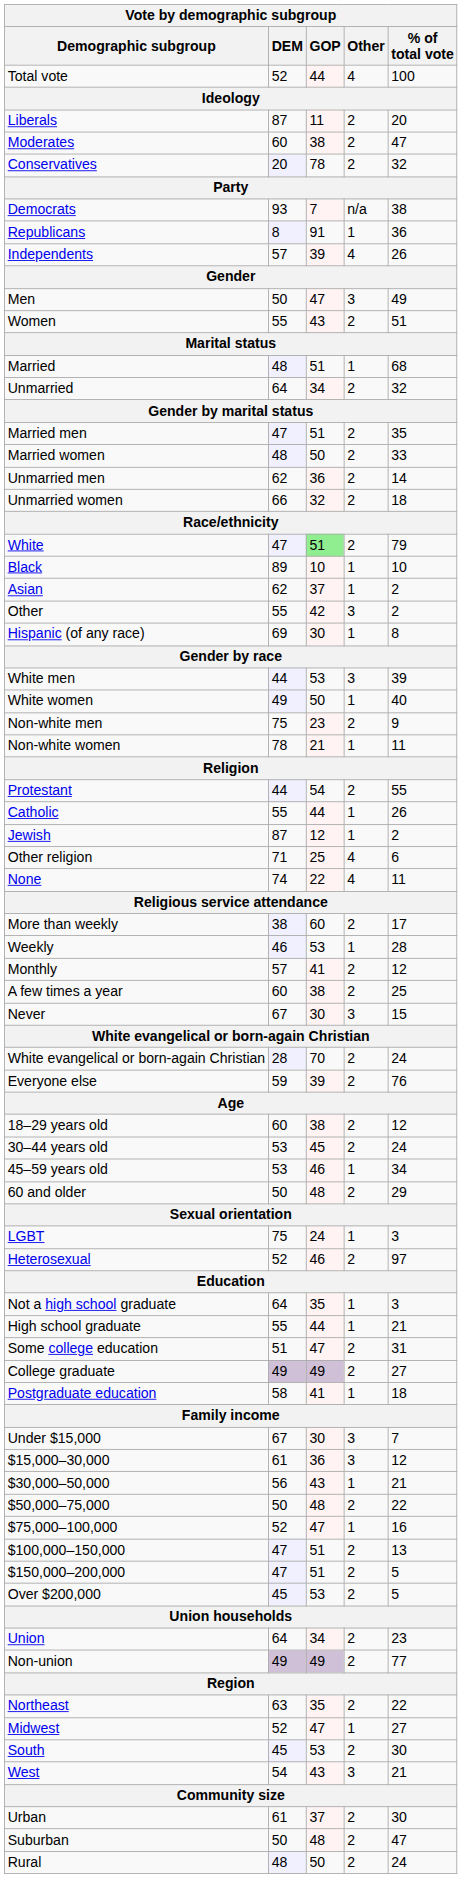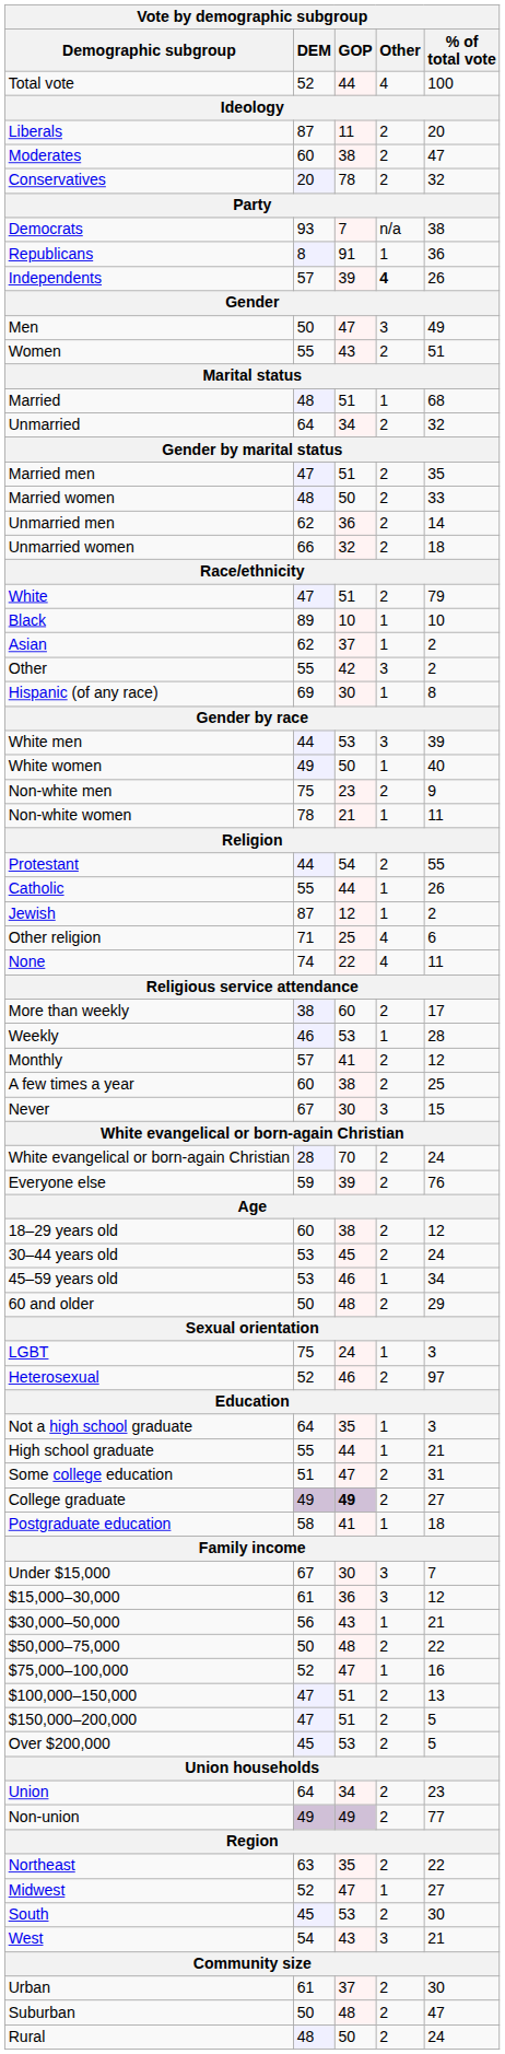 <table class="wikitable sortable">
 <tr>
 <th colspan=8>Vote by demographic subgroup</th>
 </tr>
 <tr>
 <th>Demographic subgroup</th>
 <th>DEM</th>
 <th>GOP</th>
 <th>Other</th>
 <th>% of<br>total vote</th>
 </tr>
 <tr>
 <td>Total vote</td>
 <td>52</td>
 <td style="background:#fff3f3">44</td>
 <td>4</td>
 <td>100</td>
 </tr>
 <tr>
 <th colspan=5>Ideology</th>
 </tr>
 <tr>
 <td><a href='#'>Liberals</a></td>
 <td>87</td>
 <td style="background:#fff3f3">11</td>
 <td>2</td>
 <td>20</td>
 </tr>
 <tr>
 <td><a href='#'>Moderates</a></td>
 <td>60</td>
 <td style="background:#fff3f3">38</td>
 <td>2</td>
 <td>47</td>
 </tr>
 <tr>
 <td><a href='#'>Conservatives</a></td>
 <td style="background:#f0f0ff">20</td>
 <td>78</td>
 <td>2</td>
 <td>32</td>
 </tr>
 <tr>
 <th colspan=5>Party</th>
 </tr>
 <tr>
 <td><a href='#'>Democrats</a></td>
 <td>93</td>
 <td style="background:#fff3f3">7</td>
 <td>n/a</td>
 <td>38</td>
 </tr>
 <tr>
 <td><a href='#'>Republicans</a></td>
 <td style="background:#f0f0ff">8</td>
 <td>91</td>
 <td>1</td>
 <td>36</td>
 </tr>
 <tr>
 <td><a href='#'>Independents</a></td>
 <td>57</td>
 <td style="background:#fff3f3">39</td>
-<td>4</td>
+<td><strong>4</strong></td>
 <td>26</td>
 </tr>
 <tr>
 <th colspan=5>Gender</th>
 </tr>
 <tr>
 <td>Men</td>
 <td>50</td>
 <td style="background:#fff3f3">47</td>
 <td>3</td>
 <td>49</td>
 </tr>
 <tr>
 <td>Women</td>
 <td>55</td>
 <td style="background:#fff3f3">43</td>
 <td>2</td>
 <td>51</td>
 </tr>
 <tr>
 <th colspan=5>Marital status</th>
 </tr>
 <tr>
 <td>Married</td>
 <td style="background:#f0f0ff">48</td>
 <td>51</td>
 <td>1</td>
 <td>68</td>
 </tr>
 <tr>
 <td>Unmarried</td>
 <td>64</td>
 <td style="background:#fff3f3">34</td>
 <td>2</td>
 <td>32</td>
 </tr>
 <tr>
 <th colspan=5>Gender by marital status</th>
 </tr>
 <tr>
 <td>Married men</td>
 <td style="background:#f0f0ff">47</td>
 <td>51</td>
 <td>2</td>
 <td>35</td>
 </tr>
 <tr>
 <td>Married women</td>
 <td style="background:#f0f0ff">48</td>
 <td>50</td>
 <td>2</td>
 <td>33</td>
 </tr>
 <tr>
 <td>Unmarried men</td>
 <td>62</td>
 <td style="background:#fff3f3">36</td>
 <td>2</td>
 <td>14</td>
 </tr>
 <tr>
 <td>Unmarried women</td>
 <td>66</td>
 <td style="background:#fff3f3">32</td>
 <td>2</td>
 <td>18</td>
 </tr>
 <tr>
 <th colspan=5>Race/ethnicity</th>
 </tr>
 <tr>
 <td><a href='#'>White</a></td>
 <td style="background:#f0f0ff">47</td>
-<td style="background: lightgreen;">51</td>
+<td>51</td>
 <td>2</td>
 <td>79</td>
 </tr>
 <tr>
 <td><a href='#'>Black</a></td>
 <td>89</td>
 <td style="background:#fff3f3">10</td>
 <td>1</td>
 <td>10</td>
 </tr>
 <tr>
 <td><a href='#'>Asian</a></td>
 <td>62</td>
 <td style="background:#fff3f3">37</td>
 <td>1</td>
 <td>2</td>
 </tr>
 <tr>
 <td>Other</td>
 <td>55</td>
 <td style="background:#fff3f3">42</td>
 <td>3</td>
 <td>2</td>
 </tr>
 <tr>
 <td><a href='#'>Hispanic</a> (of any race)</td>
 <td>69</td>
 <td style="background:#fff3f3">30</td>
 <td>1</td>
 <td>8</td>
 </tr>
 <tr>
 <th colspan=5>Gender by race</th>
 </tr>
 <tr>
 <td>White men</td>
 <td style="background:#f0f0ff">44</td>
 <td>53</td>
 <td>3</td>
 <td>39</td>
 </tr>
 <tr>
 <td>White women</td>
 <td style="background:#f0f0ff">49</td>
 <td>50</td>
 <td>1</td>
 <td>40</td>
 </tr>
 <tr>
 <td>Non-white men</td>
 <td>75</td>
 <td style="background:#fff3f3">23</td>
 <td>2</td>
 <td>9</td>
 </tr>
 <tr>
 <td>Non-white women</td>
 <td>78</td>
 <td style="background:#fff3f3">21</td>
 <td>1</td>
 <td>11</td>
 </tr>
 <tr>
 <th colspan=5>Religion</th>
 </tr>
 <tr>
 <td><a href='#'>Protestant</a></td>
 <td style="background:#f0f0ff">44</td>
 <td>54</td>
 <td>2</td>
 <td>55</td>
 </tr>
 <tr>
 <td><a href='#'>Catholic</a></td>
 <td>55</td>
 <td style="background:#fff3f3">44</td>
 <td>1</td>
 <td>26</td>
 </tr>
 <tr>
 <td><a href='#'>Jewish</a></td>
 <td>87</td>
 <td style="background:#fff3f3">12</td>
 <td>1</td>
 <td>2</td>
 </tr>
 <tr>
 <td>Other religion</td>
 <td>71</td>
 <td style="background:#fff3f3">25</td>
 <td>4</td>
 <td>6</td>
 </tr>
 <tr>
 <td><a href='#'>None</a></td>
 <td>74</td>
 <td style="background:#fff3f3">22</td>
 <td>4</td>
 <td>11</td>
 </tr>
 <tr>
 <th colspan=5>Religious service attendance</th>
 </tr>
 <tr>
 <td>More than weekly</td>
 <td style="background:#f0f0ff">38</td>
 <td>60</td>
 <td>2</td>
 <td>17</td>
 </tr>
 <tr>
 <td>Weekly</td>
 <td style="background:#f0f0ff">46</td>
 <td>53</td>
 <td>1</td>
 <td>28</td>
 </tr>
 <tr>
 <td>Monthly</td>
 <td>57</td>
 <td style="background:#fff3f3">41</td>
 <td>2</td>
 <td>12</td>
 </tr>
 <tr>
 <td>A few times a year</td>
 <td>60</td>
 <td style="background:#fff3f3">38</td>
 <td>2</td>
 <td>25</td>
 </tr>
 <tr>
 <td>Never</td>
 <td>67</td>
 <td style="background:#fff3f3">30</td>
 <td>3</td>
 <td>15</td>
 </tr>
 <tr>
 <th colspan=5>White evangelical or born-again Christian</th>
 </tr>
 <tr>
 <td>White evangelical or born-again Christian</td>
 <td style="background:#f0f0ff">28</td>
 <td>70</td>
 <td>2</td>
 <td>24</td>
 </tr>
 <tr>
 <td>Everyone else</td>
 <td>59</td>
 <td style="background:#fff3f3">39</td>
 <td>2</td>
 <td>76</td>
 </tr>
 <tr>
 <th colspan=5>Age</th>
 </tr>
 <tr>
 <td>18–29 years old</td>
 <td>60</td>
 <td style="background:#fff3f3">38</td>
 <td>2</td>
 <td>12</td>
 </tr>
 <tr>
 <td>30–44 years old</td>
 <td>53</td>
 <td style="background:#fff3f3">45</td>
 <td>2</td>
 <td>24</td>
 </tr>
 <tr>
 <td>45–59 years old</td>
 <td>53</td>
 <td style="background:#fff3f3">46</td>
 <td>1</td>
 <td>34</td>
 </tr>
 <tr>
 <td>60 and older</td>
 <td>50</td>
 <td style="background:#fff3f3">48</td>
 <td>2</td>
 <td>29</td>
 </tr>
 <tr>
 <th colspan=5>Sexual orientation</th>
 </tr>
 <tr>
 <td><a href='#'>LGBT</a></td>
 <td>75</td>
 <td style="background:#fff3f3">24</td>
 <td>1</td>
 <td>3</td>
 </tr>
 <tr>
 <td><a href='#'>Heterosexual</a></td>
 <td>52</td>
 <td style="background:#fff3f3">46</td>
 <td>2</td>
 <td>97</td>
 </tr>
 <tr>
 <th colspan=5>Education</th>
 </tr>
 <tr>
 <td>Not a <a href='#'>high school</a> graduate</td>
 <td>64</td>
 <td style="background:#fff3f3">35</td>
 <td>1</td>
 <td>3</td>
 </tr>
 <tr>
 <td>High school graduate</td>
 <td>55</td>
 <td style="background:#fff3f3">44</td>
 <td>1</td>
 <td>21</td>
 </tr>
 <tr>
 <td>Some <a href='#'>college</a> education</td>
 <td>51</td>
 <td style="background:#fff3f3">47</td>
 <td>2</td>
 <td>31</td>
 </tr>
 <tr>
 <td>College graduate</td>
 <td style="background:#d0c0d7">49</td>
-<td style="background:#d0c0d7">49</td>
+<td style="background:#d0c0d7"><strong>49</strong></td>
 <td>2</td>
 <td>27</td>
 </tr>
 <tr>
 <td><a href='#'>Postgraduate education</a></td>
 <td>58</td>
 <td style="background:#fff3f3">41</td>
 <td>1</td>
 <td>18</td>
 </tr>
 <tr>
 <th colspan=5>Family income</th>
 </tr>
 <tr>
 <td>Under $15,000</td>
 <td>67</td>
 <td style="background:#fff3f3">30</td>
 <td>3</td>
 <td>7</td>
 </tr>
 <tr>
 <td>$15,000–30,000</td>
 <td>61</td>
 <td style="background:#fff3f3">36</td>
 <td>3</td>
 <td>12</td>
 </tr>
 <tr>
 <td>$30,000–50,000</td>
 <td>56</td>
 <td style="background:#fff3f3">43</td>
 <td>1</td>
 <td>21</td>
 </tr>
 <tr>
 <td>$50,000–75,000</td>
 <td>50</td>
 <td style="background:#fff3f3">48</td>
 <td>2</td>
 <td>22</td>
 </tr>
 <tr>
 <td>$75,000–100,000</td>
 <td>52</td>
 <td style="background:#fff3f3">47</td>
 <td>1</td>
 <td>16</td>
 </tr>
 <tr>
 <td>$100,000–150,000</td>
 <td style="background:#f0f0ff">47</td>
 <td>51</td>
 <td>2</td>
 <td>13</td>
 </tr>
 <tr>
 <td>$150,000–200,000</td>
 <td style="background:#f0f0ff">47</td>
 <td>51</td>
 <td>2</td>
 <td>5</td>
 </tr>
 <tr>
 <td>Over $200,000</td>
 <td style="background:#f0f0ff">45</td>
 <td>53</td>
 <td>2</td>
 <td>5</td>
 </tr>
 <tr>
 <th colspan=5>Union households</th>
 </tr>
 <tr>
 <td><a href='#'>Union</a></td>
 <td>64</td>
 <td style="background:#fff3f3">34</td>
 <td>2</td>
 <td>23</td>
 </tr>
 <tr>
 <td>Non-union</td>
 <td style="background:#d0c0d7">49</td>
 <td style="background:#d0c0d7">49</td>
 <td>2</td>
 <td>77</td>
 </tr>
 <tr>
 <th colspan=5>Region</th>
 </tr>
 <tr>
 <td><a href='#'>Northeast</a></td>
 <td>63</td>
 <td style="background:#fff3f3">35</td>
 <td>2</td>
 <td>22</td>
 </tr>
 <tr>
 <td><a href='#'>Midwest</a></td>
 <td>52</td>
 <td style="background:#fff3f3">47</td>
 <td>1</td>
 <td>27</td>
 </tr>
 <tr>
 <td><a href='#'>South</a></td>
 <td style="background:#f0f0ff">45</td>
 <td>53</td>
 <td>2</td>
 <td>30</td>
 </tr>
 <tr>
 <td><a href='#'>West</a></td>
 <td>54</td>
 <td style="background:#fff3f3">43</td>
 <td>3</td>
 <td>21</td>
 </tr>
 <tr>
 <th colspan=5>Community size</th>
 </tr>
 <tr>
 <td>Urban</td>
 <td>61</td>
 <td style="background:#fff3f3">37</td>
 <td>2</td>
 <td>30</td>
 </tr>
 <tr>
 <td>Suburban</td>
 <td>50</td>
 <td style="background:#fff3f3">48</td>
 <td>2</td>
 <td>47</td>
 </tr>
 <tr>
 <td>Rural</td>
 <td style="background:#f0f0ff">48</td>
 <td>50</td>
 <td>2</td>
 <td>24</td>
 </tr>
 </table>
